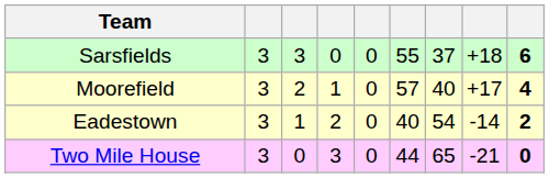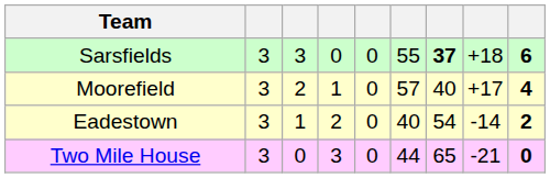 <table class="wikitable" style="text-align:center">
 <tr>
 <th style="width:175px;">Team</th>
 <th width="20"></th>
 <th width="20"></th>
 <th width="20"></th>
 <th width="20"></th>
 <th width="20"></th>
 <th width="20"></th>
 <th width="20"></th>
 <th width="20"></th>
 </tr>
 <tr style="background:#cfc;">
 <td>Sarsfields</td>
 <td>3</td>
 <td>3</td>
 <td>0</td>
 <td>0</td>
 <td>55</td>
-<td>37</td>
+<td><strong>37</strong></td>
 <td>+18</td>
 <td><strong>6</strong></td>
 </tr>
 <tr style="background:#ffffcc;">
 <td>Moorefield</td>
 <td>3</td>
 <td>2</td>
 <td>1</td>
 <td>0</td>
 <td>57</td>
 <td>40</td>
 <td>+17</td>
 <td><strong>4</strong></td>
 </tr>
 <tr style="background:#ffffcc;">
 <td>Eadestown</td>
 <td>3</td>
 <td>1</td>
 <td>2</td>
 <td>0</td>
 <td>40</td>
 <td>54</td>
 <td>-14</td>
 <td><strong>2</strong></td>
 </tr>
 <tr style="background:#fcf;">
 <td><a href='#'>Two Mile House</a></td>
 <td>3</td>
 <td>0</td>
 <td>3</td>
 <td>0</td>
 <td>44</td>
 <td>65</td>
 <td>-21</td>
 <td><strong>0</strong></td>
 </tr>
 </table>
